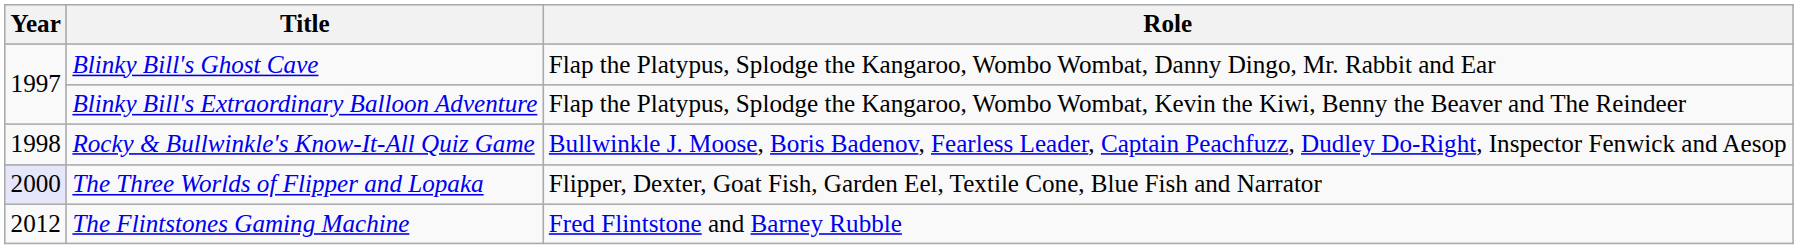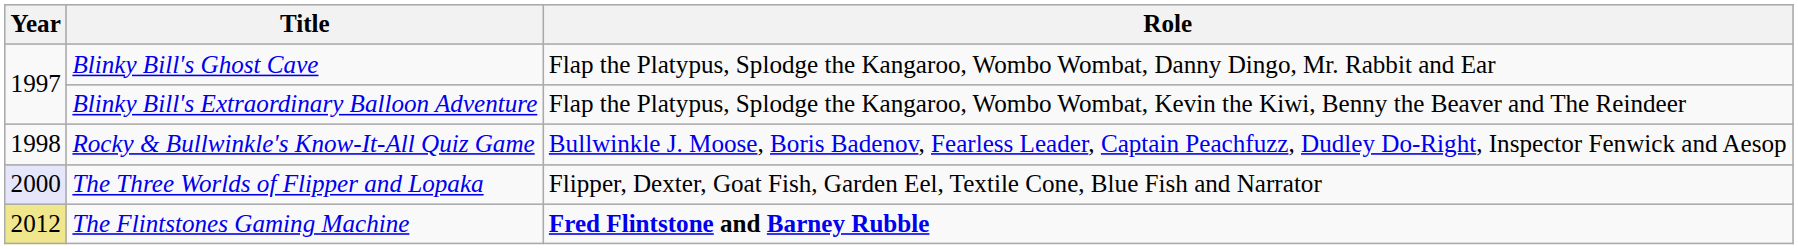 <table class="wikitable sortable plainrowheaders">
 <tr>
 <th scope="col">Year</th>
 <th scope="col">Title</th>
 <th scope="col">Role</th>
 </tr>
 <tr>
 <td rowspan="2">1997</td>
 <td><em><a href='#'>Blinky Bill's Ghost Cave</a></em></td>
 <td>Flap the Platypus, Splodge the Kangaroo, Wombo Wombat, Danny Dingo, Mr. Rabbit and Ear</td>
 </tr>
 <tr>
 <td><em><a href='#'>Blinky Bill's Extraordinary Balloon Adventure</a></em></td>
 <td>Flap the Platypus, Splodge the Kangaroo, Wombo Wombat, Kevin the Kiwi, Benny the Beaver and The Reindeer</td>
 </tr>
 <tr>
 <td>1998</td>
 <td><em><a href='#'>Rocky & Bullwinkle's Know-It-All Quiz Game</a></em></td>
 <td><a href='#'>Bullwinkle J. Moose</a>, <a href='#'>Boris Badenov</a>, <a href='#'>Fearless Leader</a>, <a href='#'>Captain Peachfuzz</a>, <a href='#'>Dudley Do-Right</a>, Inspector Fenwick and Aesop</td>
 </tr>
 <tr>
 <td style="background: lavender;">2000</td>
 <td><em><a href='#'>The Three Worlds of Flipper and Lopaka</a></em></td>
 <td>Flipper, Dexter, Goat Fish, Garden Eel, Textile Cone, Blue Fish and Narrator</td>
 </tr>
 <tr>
-<td>2012</td>
+<td style="background: khaki;">2012</td>
 <td><em><a href='#'>The Flintstones Gaming Machine</a></em></td>
-<td><a href='#'>Fred Flintstone</a> and <a href='#'>Barney Rubble</a></td>
+<td><strong><a href='#'>Fred Flintstone</a> and <a href='#'>Barney Rubble</a></strong></td>
 </tr>
 </table>
